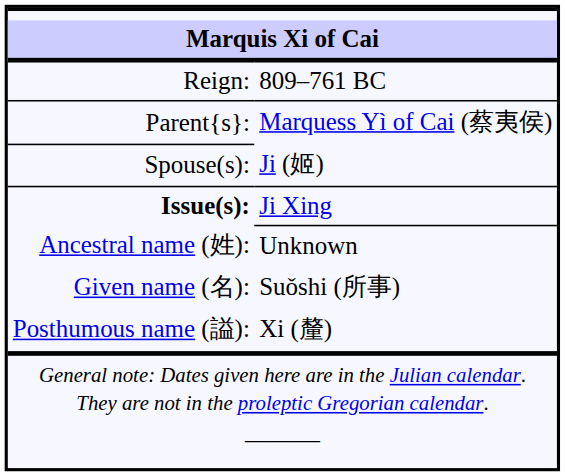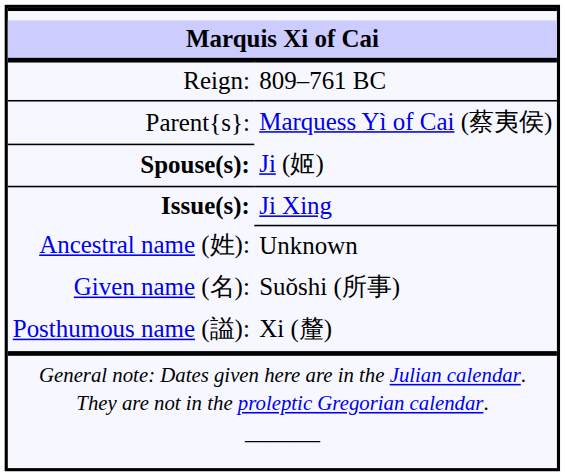 <table cellpadding=3px cellspacing=0px bgcolor=#f7f8ff style="float:right; border:2px solid; margin:5px">
 <tr>
 <td colspan=2 align=center style="border-top:2px solid"></td>
 </tr>
 <tr>
 <th align=center style="background:#ccf; border-bottom:2px solid" colspan=2>Marquis Xi of Cai</th>
 </tr>
 <tr>
 <td align=right style="border-top:1px solid">Reign:</td>
 <td style="border-top:1px solid">809–761 BC</td>
 </tr>
 <tr>
 <td align=right style="border-top:1px solid">Parent{s}:</td>
 <td style="border-top:1px solid"><a href='#'>Marquess Yì of Cai</a> (蔡夷侯)</td>
 </tr>
 <tr>
-<td align=right style="border-top:1px solid">Spouse(s):</td>
+<td align=right style="border-top:1px solid"><strong>Spouse(s):</strong></td>
 <td><a href='#'>Ji</a> (姬)</td>
 </tr>
 <tr>
 <td align=right style="border-top:1px solid"><strong>Issue(s):</strong></td>
 <td style="border-top:1px solid"><a href='#'>Ji Xing</a></td>
 </tr>
 <tr>
 <td align="right"><a href='#'>Ancestral name</a> (姓):</td>
 <td style="border-top:1px solid">Unknown</td>
 </tr>
 <tr>
 <td align="right"><a href='#'>Given name</a> (名):</td>
 <td>Suǒshi (所事)</td>
 </tr>
 <tr>
 <td align="right" nowrap="nowrap"><a href='#'>Posthumous name</a> (謚):</td>
 <td>Xi (釐)</td>
 </tr>
 <tr>
 <td colspan=2 align=center style="border-top:3px solid"><small><em>General note: Dates given here are in the <a href='#'>Julian calendar</a></em>.<br><em>They are not in the <a href='#'>proleptic Gregorian calendar</a></em>.</small></td>
 </tr>
 <tr>
 <td colspan=2 align=center>———</td>
 </tr>
 <tr>
 <td></td>
 </tr>
 <tr>
 </tr>
 </table>
